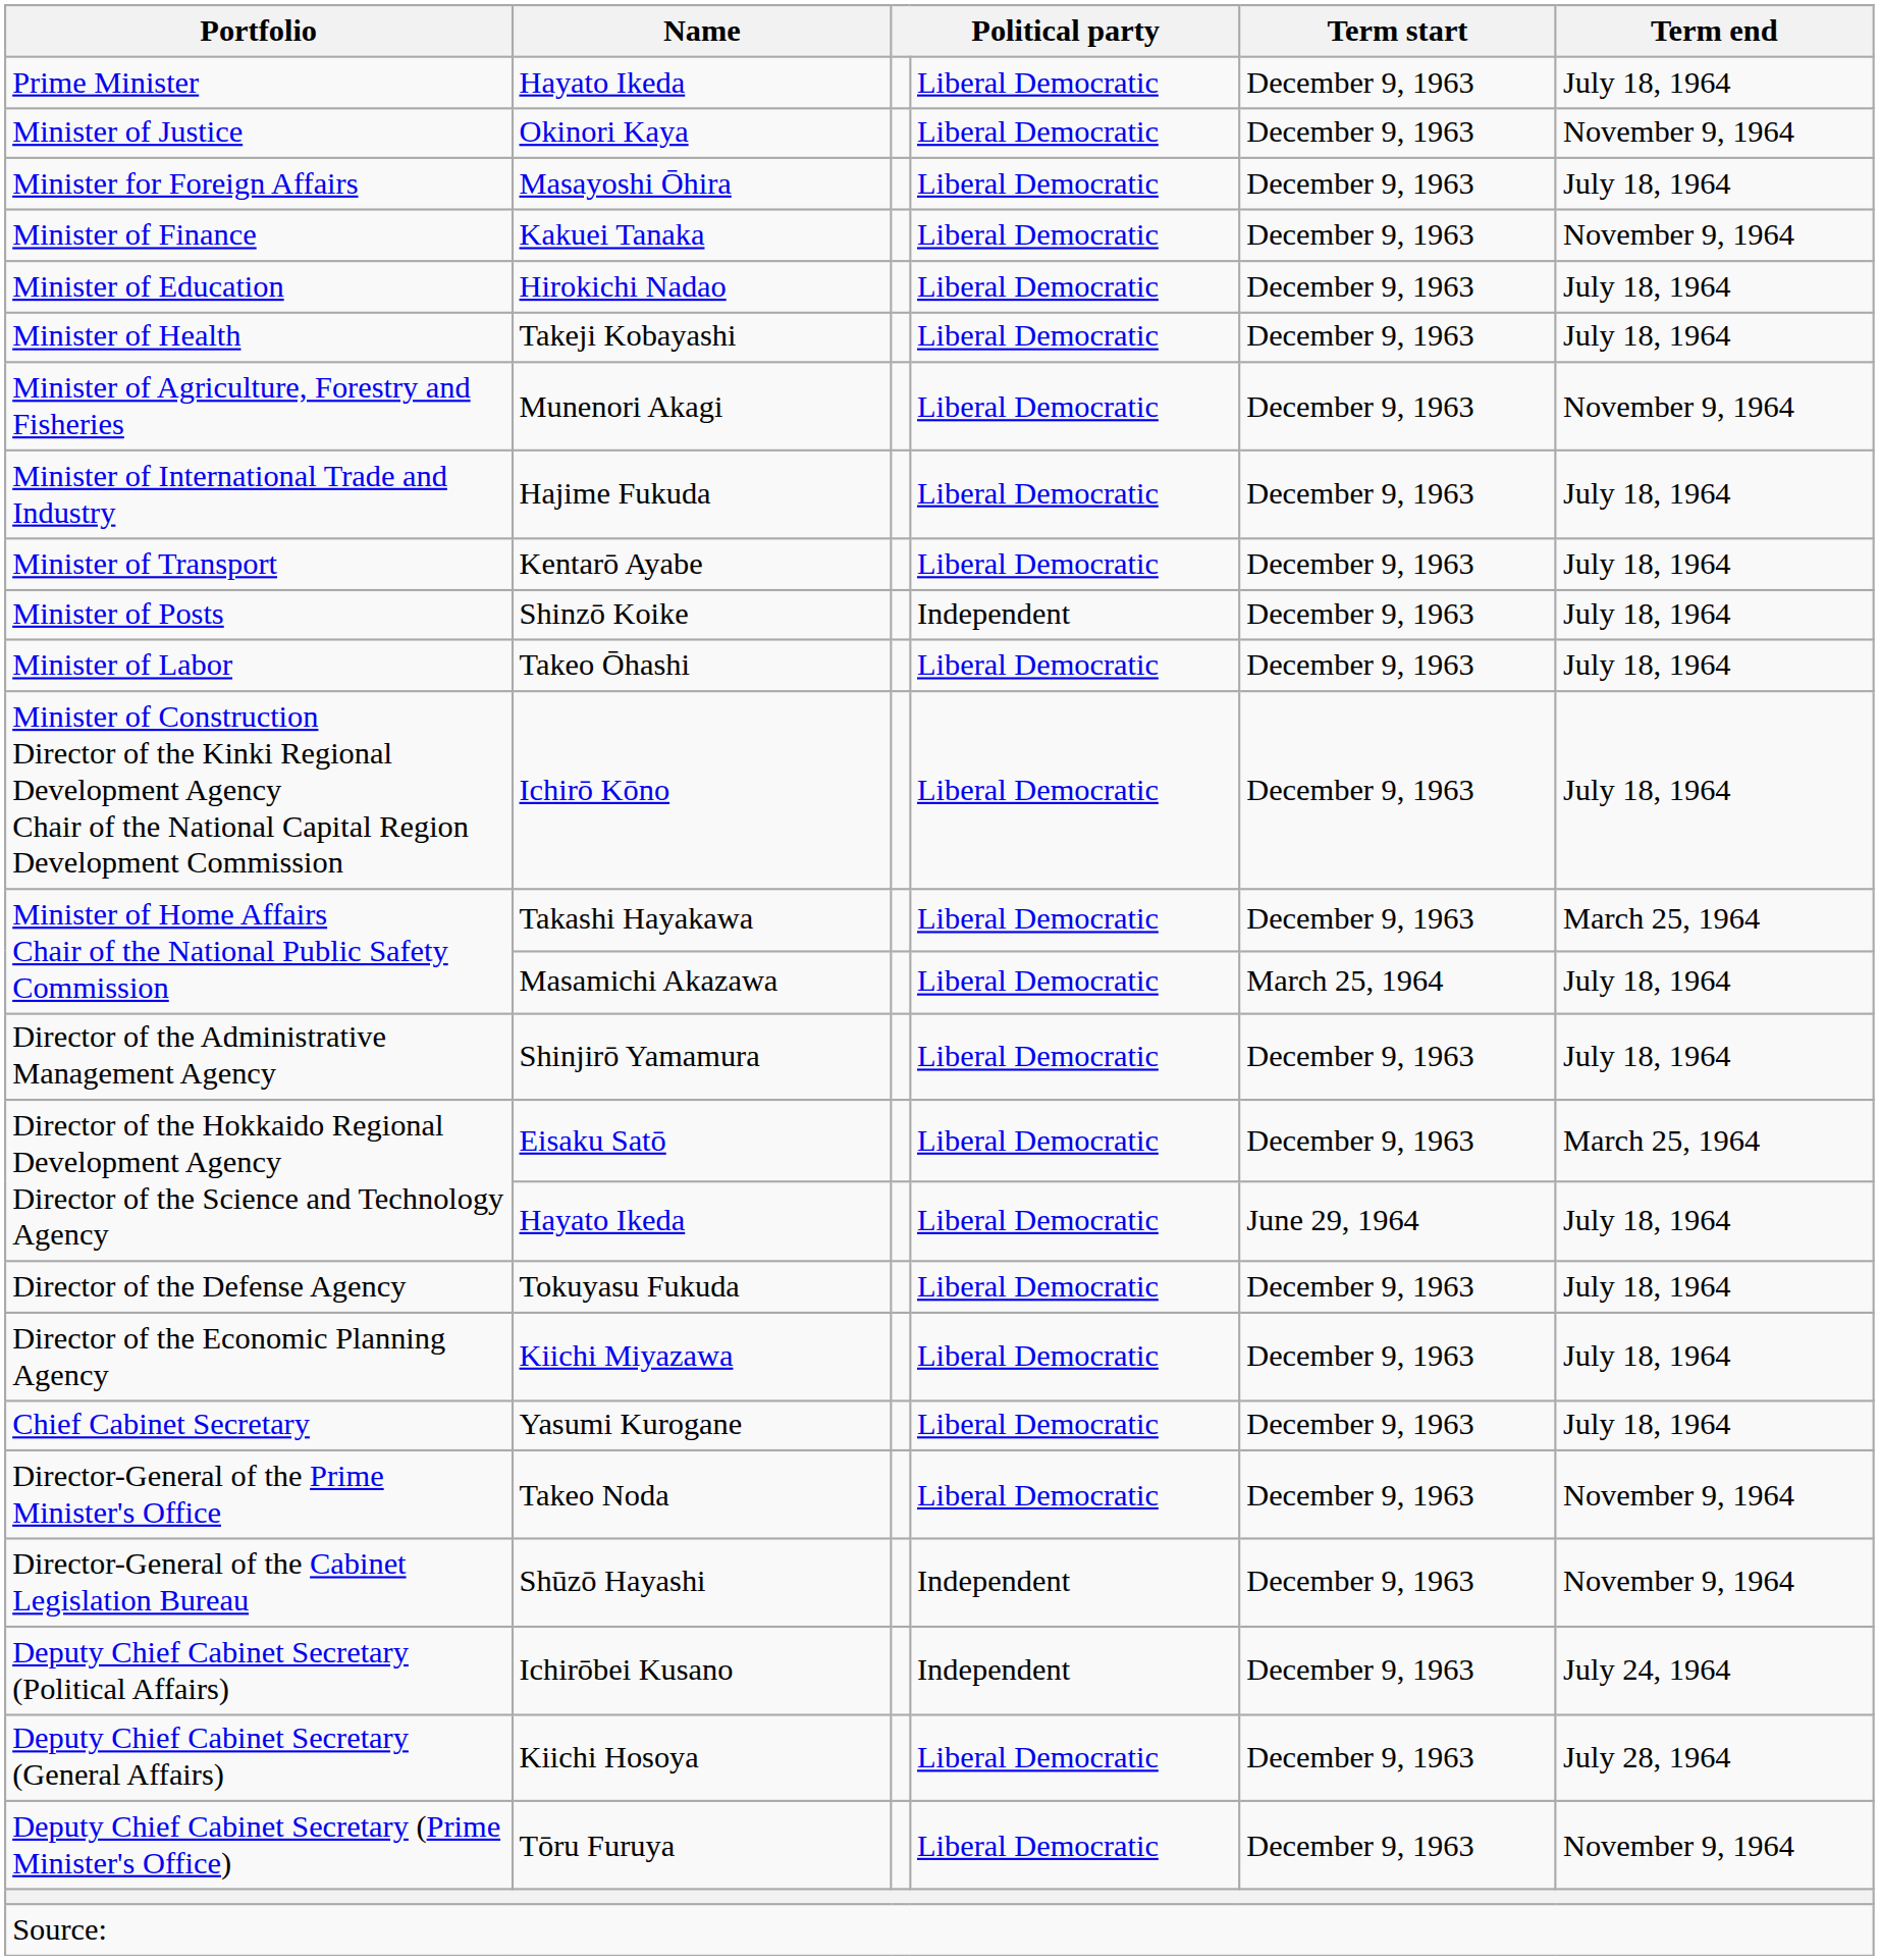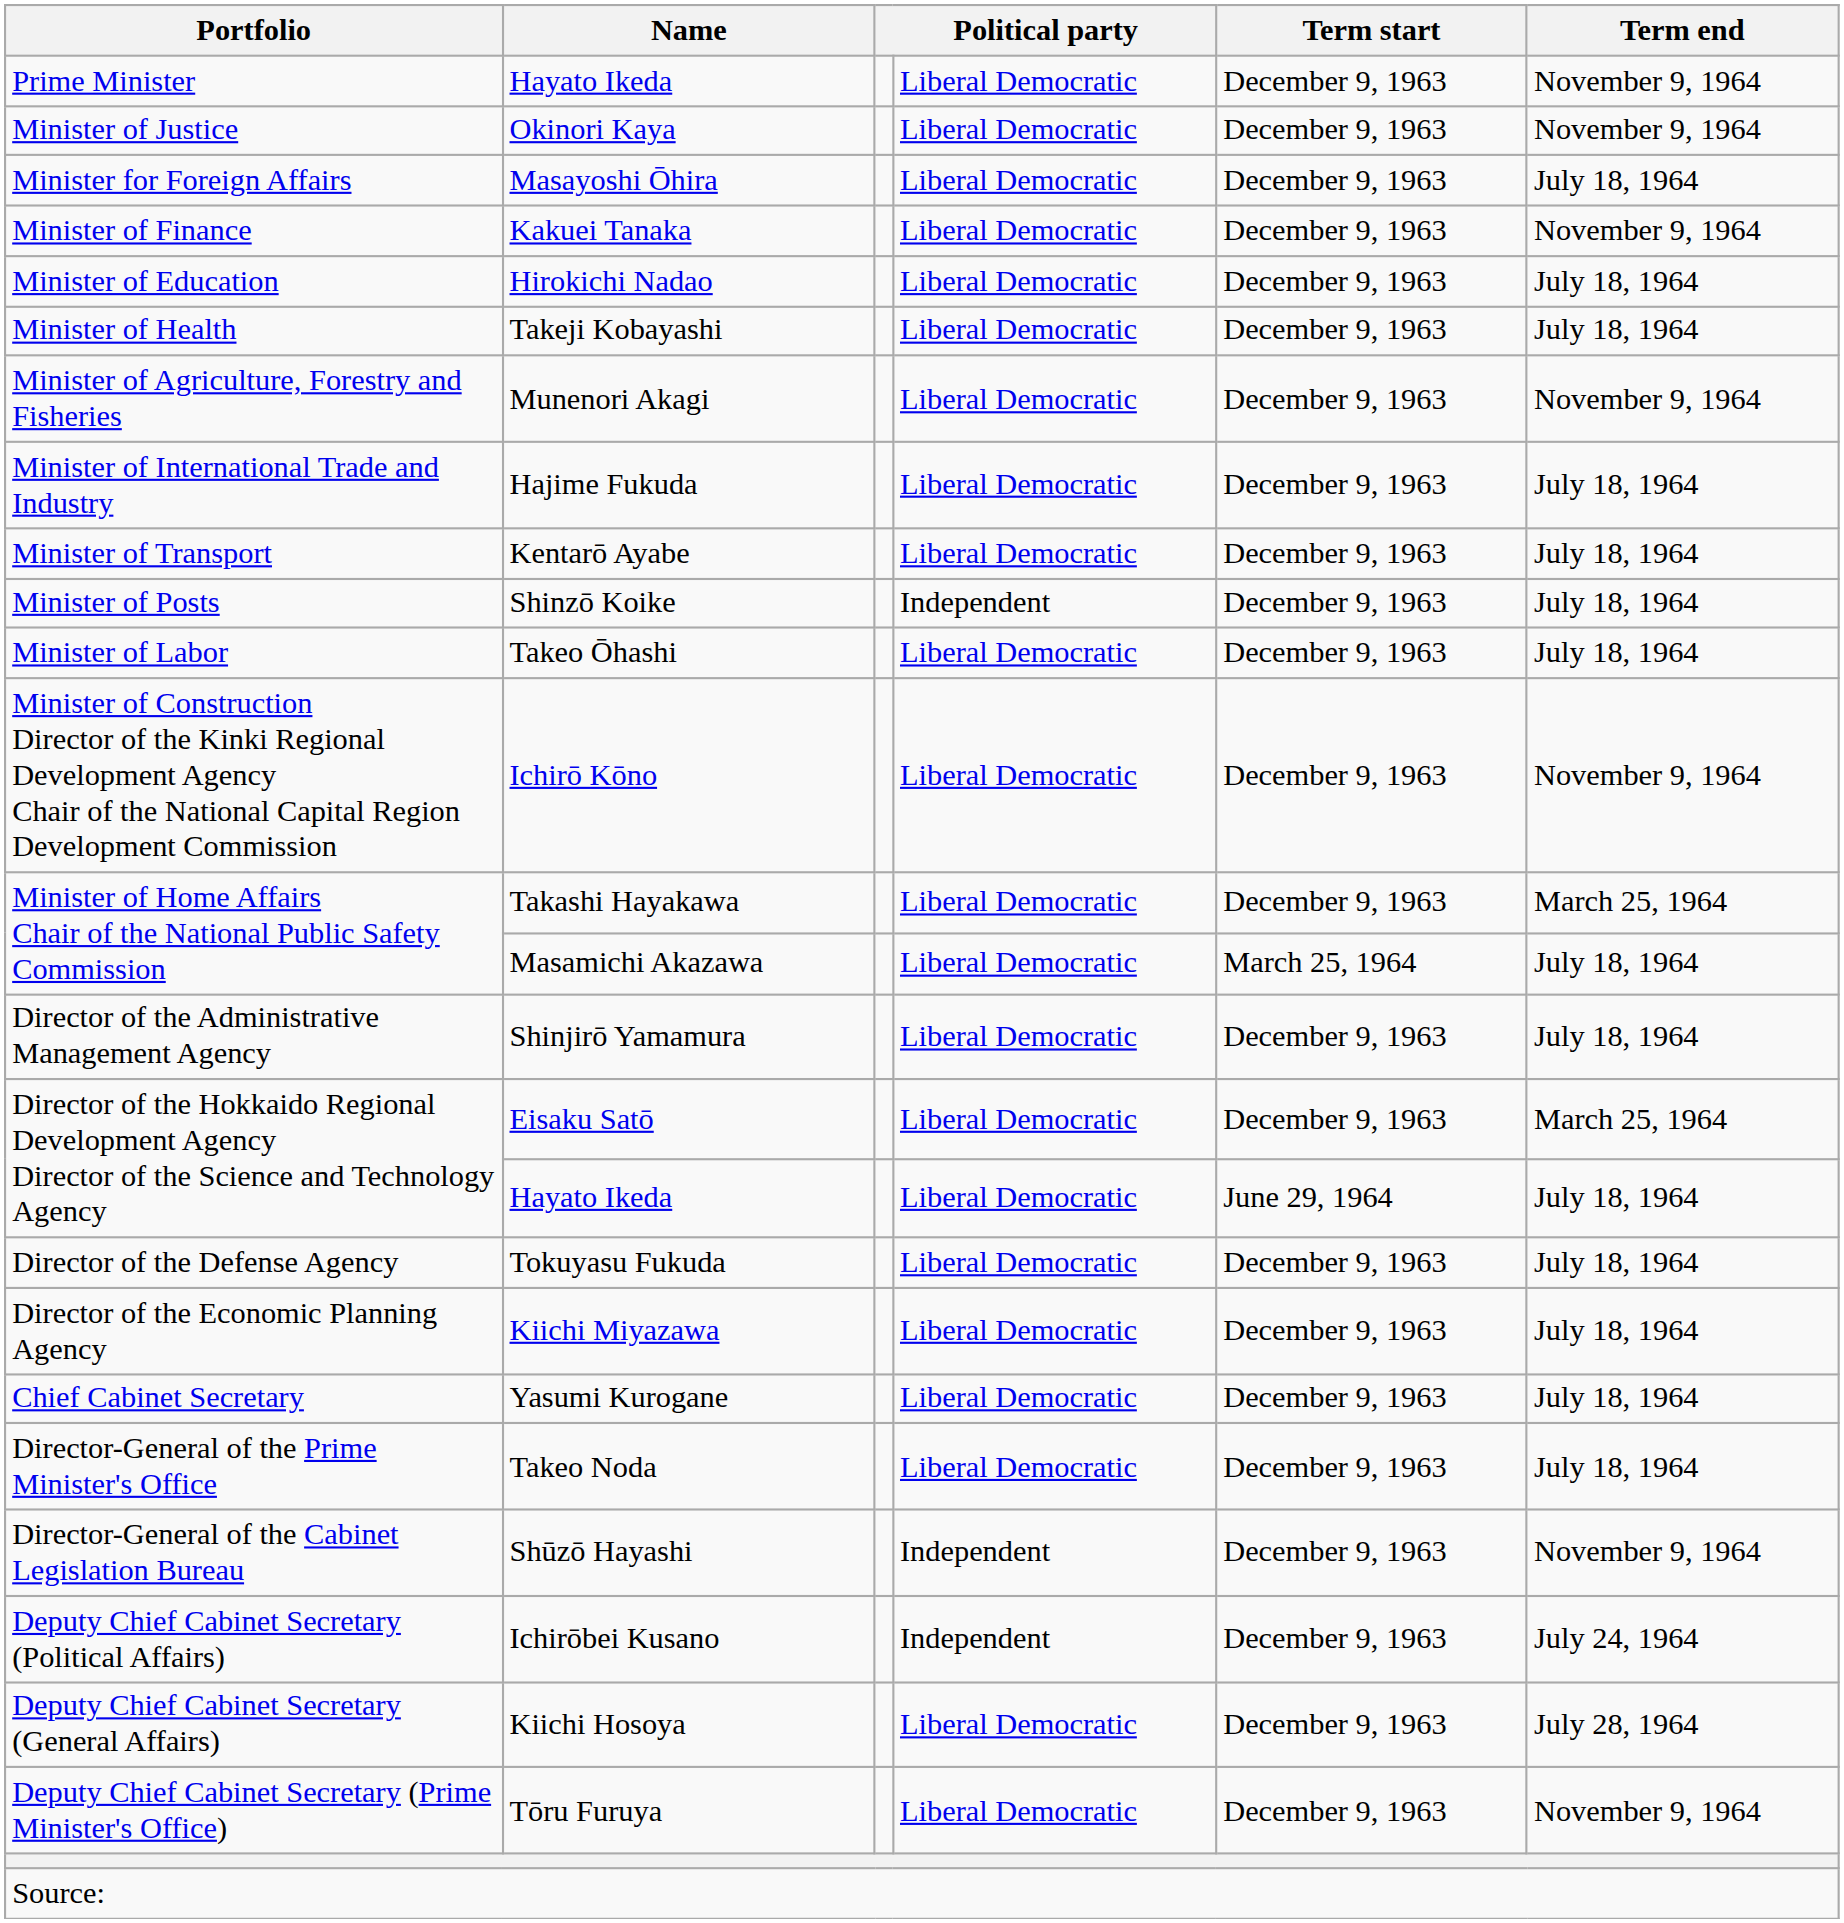 <table class="wikitable unsortable" style="font-size: 90%;">
 <tr>
 <th width="20%" scope="col">Portfolio</th>
 <th width="15%" scope="col">Name</th>
 <th colspan="2" width="13.5%" scope="col">Political party</th>
 <th width="12.5%" scope="col">Term start</th>
 <th width="12.5%" scope="col">Term end</th>
 </tr>
 <tr>
 <td style="text-align: left;"><a href='#'>Prime Minister</a></td>
 <td><a href='#'>Hayato Ikeda</a></td>
 <td width="0.5%" style="background:"></td>
 <td><a href='#'>Liberal Democratic</a></td>
 <td>December 9, 1963</td>
-<td>July 18, 1964</td>
+<td>November 9, 1964</td>
 </tr>
 <tr>
 <td><a href='#'>Minister of Justice</a></td>
 <td><a href='#'>Okinori Kaya</a></td>
 <td style="color:inherit;background:"></td>
 <td><a href='#'>Liberal Democratic</a></td>
 <td>December 9, 1963</td>
 <td>November 9, 1964</td>
 </tr>
 <tr>
 <td><a href='#'>Minister for Foreign Affairs</a></td>
 <td><a href='#'>Masayoshi Ōhira</a></td>
 <td style="color:inherit;background:"></td>
 <td><a href='#'>Liberal Democratic</a></td>
 <td>December 9, 1963</td>
 <td>July 18, 1964</td>
 </tr>
 <tr>
 <td><a href='#'>Minister of Finance</a></td>
 <td><a href='#'>Kakuei Tanaka</a></td>
 <td style="color:inherit;background:"></td>
 <td><a href='#'>Liberal Democratic</a></td>
 <td>December 9, 1963</td>
 <td>November 9, 1964</td>
 </tr>
 <tr>
 <td><a href='#'>Minister of Education</a></td>
 <td><a href='#'>Hirokichi Nadao</a></td>
 <td style="color:inherit;background:"></td>
 <td><a href='#'>Liberal Democratic</a></td>
 <td>December 9, 1963</td>
 <td>July 18, 1964</td>
 </tr>
 <tr>
 <td><a href='#'>Minister of Health</a></td>
 <td>Takeji Kobayashi</td>
 <td style="color:inherit;background:"></td>
 <td><a href='#'>Liberal Democratic</a></td>
 <td>December 9, 1963</td>
 <td>July 18, 1964</td>
 </tr>
 <tr>
 <td><a href='#'>Minister of Agriculture, Forestry and Fisheries</a></td>
 <td>Munenori Akagi</td>
 <td style="color:inherit;background:"></td>
 <td><a href='#'>Liberal Democratic</a></td>
 <td>December 9, 1963</td>
 <td>November 9, 1964</td>
 </tr>
 <tr>
 <td><a href='#'>Minister of International Trade and Industry</a></td>
 <td>Hajime Fukuda</td>
 <td style="color:inherit;background:"></td>
 <td><a href='#'>Liberal Democratic</a></td>
 <td>December 9, 1963</td>
 <td>July 18, 1964</td>
 </tr>
 <tr>
 <td><a href='#'>Minister of Transport</a></td>
 <td>Kentarō Ayabe</td>
 <td style="color:inherit;background:"></td>
 <td><a href='#'>Liberal Democratic</a></td>
 <td>December 9, 1963</td>
 <td>July 18, 1964</td>
 </tr>
 <tr>
 <td><a href='#'>Minister of Posts</a></td>
 <td>Shinzō Koike</td>
 <td style="color:inherit;background:"></td>
 <td>Independent</td>
 <td>December 9, 1963</td>
 <td>July 18, 1964</td>
 </tr>
 <tr>
 <td><a href='#'>Minister of Labor</a></td>
 <td>Takeo Ōhashi</td>
 <td style="color:inherit;background:"></td>
 <td><a href='#'>Liberal Democratic</a></td>
 <td>December 9, 1963</td>
 <td>July 18, 1964</td>
 </tr>
 <tr>
 <td><a href='#'>Minister of Construction</a><br>Director of the Kinki Regional Development Agency<br>Chair of the National Capital Region Development Commission</td>
 <td><a href='#'>Ichirō Kōno</a></td>
 <td style="color:inherit;background:"></td>
 <td><a href='#'>Liberal Democratic</a></td>
 <td>December 9, 1963</td>
-<td>July 18, 1964</td>
+<td>November 9, 1964</td>
 </tr>
 <tr>
 <td rowspan="2"><a href='#'>Minister of Home Affairs</a><br><a href='#'>Chair of the National Public Safety Commission</a></td>
 <td>Takashi Hayakawa</td>
 <td style="color:inherit;background:"></td>
 <td><a href='#'>Liberal Democratic</a></td>
 <td>December 9, 1963</td>
 <td>March 25, 1964</td>
 </tr>
 <tr>
 <td>Masamichi Akazawa</td>
 <td style="color:inherit;background:"></td>
 <td><a href='#'>Liberal Democratic</a></td>
 <td>March 25, 1964</td>
 <td>July 18, 1964</td>
 </tr>
 <tr>
 <td>Director of the Administrative Management Agency</td>
 <td>Shinjirō Yamamura</td>
 <td style="color:inherit;background:"></td>
 <td><a href='#'>Liberal Democratic</a></td>
 <td>December 9, 1963</td>
 <td>July 18, 1964</td>
 </tr>
 <tr>
 <td rowspan="2">Director of the Hokkaido Regional Development Agency<br>Director of the Science and Technology Agency</td>
 <td><a href='#'>Eisaku Satō</a></td>
 <td style="color:inherit;background:"></td>
 <td><a href='#'>Liberal Democratic</a></td>
 <td>December 9, 1963</td>
 <td>March 25, 1964</td>
 </tr>
 <tr>
 <td><a href='#'>Hayato Ikeda</a></td>
 <td style="color:inherit;background:"></td>
 <td><a href='#'>Liberal Democratic</a></td>
 <td>June 29, 1964</td>
 <td>July 18, 1964</td>
 </tr>
 <tr>
 <td>Director of the Defense Agency</td>
 <td>Tokuyasu Fukuda</td>
 <td style="color:inherit;background:"></td>
 <td><a href='#'>Liberal Democratic</a></td>
 <td>December 9, 1963</td>
 <td>July 18, 1964</td>
 </tr>
 <tr>
 <td>Director of the Economic Planning Agency</td>
 <td><a href='#'>Kiichi Miyazawa</a></td>
 <td style="color:inherit;background:"></td>
 <td><a href='#'>Liberal Democratic</a></td>
 <td>December 9, 1963</td>
 <td>July 18, 1964</td>
 </tr>
 <tr>
 <td><a href='#'>Chief Cabinet Secretary</a></td>
 <td>Yasumi Kurogane</td>
 <td style="color:inherit;background:"></td>
 <td><a href='#'>Liberal Democratic</a></td>
 <td>December 9, 1963</td>
 <td>July 18, 1964</td>
 </tr>
 <tr>
 <td>Director-General of the <a href='#'>Prime Minister's Office</a></td>
 <td>Takeo Noda</td>
 <td style="color:inherit;background:"></td>
 <td><a href='#'>Liberal Democratic</a></td>
 <td>December 9, 1963</td>
-<td>November 9, 1964</td>
+<td>July 18, 1964</td>
 </tr>
 <tr>
 <td>Director-General of the <a href='#'>Cabinet Legislation Bureau</a></td>
 <td>Shūzō Hayashi</td>
 <td style="color:inherit;background:"></td>
 <td>Independent</td>
 <td>December 9, 1963</td>
 <td>November 9, 1964</td>
 </tr>
 <tr>
 <td><a href='#'>Deputy Chief Cabinet Secretary</a> (Political Affairs)</td>
 <td>Ichirōbei Kusano</td>
 <td style="color:inherit;background:"></td>
 <td>Independent</td>
 <td>December 9, 1963</td>
 <td>July 24, 1964</td>
 </tr>
 <tr>
 <td><a href='#'>Deputy Chief Cabinet Secretary</a> (General Affairs)</td>
 <td>Kiichi Hosoya</td>
 <td style="color:inherit;background:"></td>
 <td><a href='#'>Liberal Democratic</a></td>
 <td>December 9, 1963</td>
 <td>July 28, 1964</td>
 </tr>
 <tr>
 <td><a href='#'>Deputy Chief Cabinet Secretary</a> (<a href='#'>Prime Minister's Office</a>)</td>
 <td>Tōru Furuya</td>
 <td style="color:inherit;background:"></td>
 <td><a href='#'>Liberal Democratic</a></td>
 <td>December 9, 1963</td>
 <td>November 9, 1964</td>
 </tr>
 <tr>
 <th colspan="6"></th>
 </tr>
 <tr>
 <td colspan="6">Source:</td>
 </tr>
 </table>
